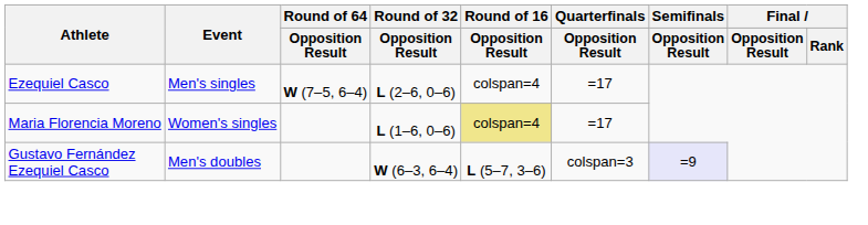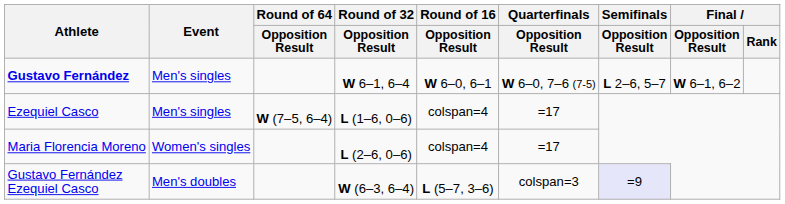 <table class="wikitable" style="font-size:90%;">
 <tr>
 <th rowspan=2>Athlete</th>
 <th rowspan=2>Event</th>
 <th>Round of 64</th>
 <th>Round of 32</th>
 <th>Round of 16</th>
 <th>Quarterfinals</th>
 <th>Semifinals</th>
 <th colspan=2>Final / </th>
 </tr>
 <tr style="font-size:95%">
 <th>Opposition<br>Result</th>
 <th>Opposition<br>Result</th>
 <th>Opposition<br>Result</th>
 <th>Opposition<br>Result</th>
 <th>Opposition<br>Result</th>
 <th>Opposition<br>Result</th>
 <th>Rank</th>
 </tr>
 <tr align=center>
+<td align=left><strong><a href='#'>Gustavo Fernández</a></strong></td>
+<td align=left><a href='#'>Men's singles</a></td>
+<td></td>
+<td><br><strong>W</strong> 6–1, 6–4</td>
+<td><br><strong>W</strong> 6–0, 6–1</td>
+<td><br><strong>W</strong> 6–0, 7–6 <small>(7-5)</small></td>
+<td><br><strong>L</strong> 2–6, 5–7</td>
+<td><br><strong>W</strong> 6–1, 6–2</td>
+<td></td>
+</tr>
+<tr align=center>
 <td align=left><a href='#'>Ezequiel Casco</a></td>
 <td align=left><a href='#'>Men's singles</a></td>
 <td><br><strong>W</strong> (7–5, 6–4)</td>
-<td><br><strong>L</strong> (2–6, 0–6)</td>
+<td><br><strong>L</strong> (1–6, 0–6)</td>
 <td>colspan=4 </td>
 <td>=17</td>
 </tr>
 <tr align=center>
 <td align=left><a href='#'>Maria Florencia Moreno</a></td>
 <td align=left><a href='#'>Women's singles</a></td>
 <td></td>
-<td><br><strong>L</strong> (1–6, 0–6)</td>
-<td style="background: khaki;">colspan=4 </td>
+<td><br><strong>L</strong> (2–6, 0–6)</td>
+<td>colspan=4 </td>
 <td>=17</td>
 </tr>
 <tr align=center>
 <td align=left><a href='#'>Gustavo Fernández</a><br><a href='#'>Ezequiel Casco</a></td>
 <td align=left><a href='#'>Men's doubles</a></td>
 <td></td>
 <td><br><strong>W</strong> (6–3, 6–4)</td>
 <td><br><strong>L</strong> (5–7, 3–6)</td>
 <td>colspan=3 </td>
 <td style="background: lavender;">=9</td>
 </tr>
 </table>
